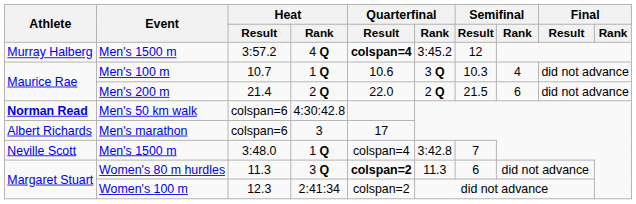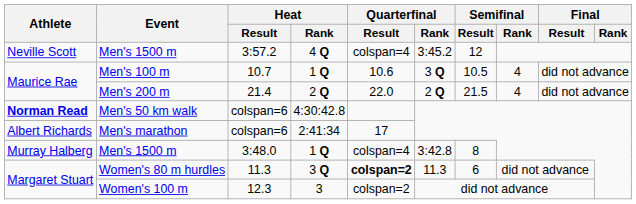 <table class=wikitable style=font-size:90%>
 <tr>
 <th rowspan=2>Athlete</th>
 <th rowspan=2>Event</th>
 <th colspan=2>Heat</th>
 <th colspan=2>Quarterfinal</th>
 <th colspan=2>Semifinal</th>
 <th colspan=2>Final</th>
 </tr>
 <tr style=font-size:95%>
 <th>Result</th>
 <th>Rank</th>
 <th>Result</th>
 <th>Rank</th>
 <th>Result</th>
 <th>Rank</th>
 <th>Result</th>
 <th>Rank</th>
 </tr>
 <tr align=center>
-<td align=left><a href='#'>Murray Halberg</a></td>
+<td align=left><a href='#'>Neville Scott</a></td>
 <td align=left><a href='#'>Men's 1500 m</a></td>
 <td>3:57.2</td>
 <td>4 <strong>Q</strong></td>
-<td><strong>colspan=4 </strong></td>
+<td>colspan=4 </td>
 <td>3:45.2</td>
 <td>12</td>
 </tr>
 <tr align=center>
 <td align=left rowspan=2><a href='#'>Maurice Rae</a></td>
 <td align=left><a href='#'>Men's 100 m</a></td>
 <td>10.7</td>
 <td>1 <strong>Q</strong></td>
 <td>10.6</td>
 <td>3 <strong>Q</strong></td>
-<td>10.3</td>
+<td>10.5</td>
 <td>4</td>
 <td colspan=2>did not advance</td>
 </tr>
 <tr align=center>
 <td align=left><a href='#'>Men's 200 m</a></td>
 <td>21.4</td>
 <td>2 <strong>Q</strong></td>
 <td>22.0</td>
 <td>2 <strong>Q</strong></td>
 <td>21.5</td>
-<td>6</td>
+<td>4</td>
 <td colspan=2>did not advance</td>
 </tr>
 <tr align=center>
 <td align=left><strong><a href='#'>Norman Read</a></strong></td>
 <td align=left><a href='#'>Men's 50 km walk</a></td>
 <td>colspan=6 </td>
 <td>4:30:42.8</td>
 <td></td>
 </tr>
 <tr align=center>
 <td align=left><a href='#'>Albert Richards</a></td>
 <td align=left><a href='#'>Men's marathon</a></td>
 <td>colspan=6 </td>
-<td>3</td>
+<td>2:41:34</td>
 <td>17</td>
 </tr>
 <tr align=center>
-<td align=left><a href='#'>Neville Scott</a></td>
+<td align=left><a href='#'>Murray Halberg</a></td>
 <td align=left><a href='#'>Men's 1500 m</a></td>
 <td>3:48.0</td>
 <td>1 <strong>Q</strong></td>
 <td>colspan=4 </td>
 <td>3:42.8</td>
-<td>7</td>
+<td>8</td>
 </tr>
 <tr align=center>
 <td align=left rowspan=2><a href='#'>Margaret Stuart</a></td>
 <td align=left><a href='#'>Women's 80 m hurdles</a></td>
 <td>11.3</td>
 <td>3 <strong>Q</strong></td>
 <td><strong>colspan=2 </strong></td>
 <td>11.3</td>
 <td>6</td>
 <td colspan=2>did not advance</td>
 </tr>
 <tr align=center>
 <td align=left><a href='#'>Women's 100 m</a></td>
 <td>12.3</td>
-<td>2:41:34</td>
+<td>3</td>
 <td>colspan=2 </td>
 <td colspan=4>did not advance</td>
 </tr>
 </table>
